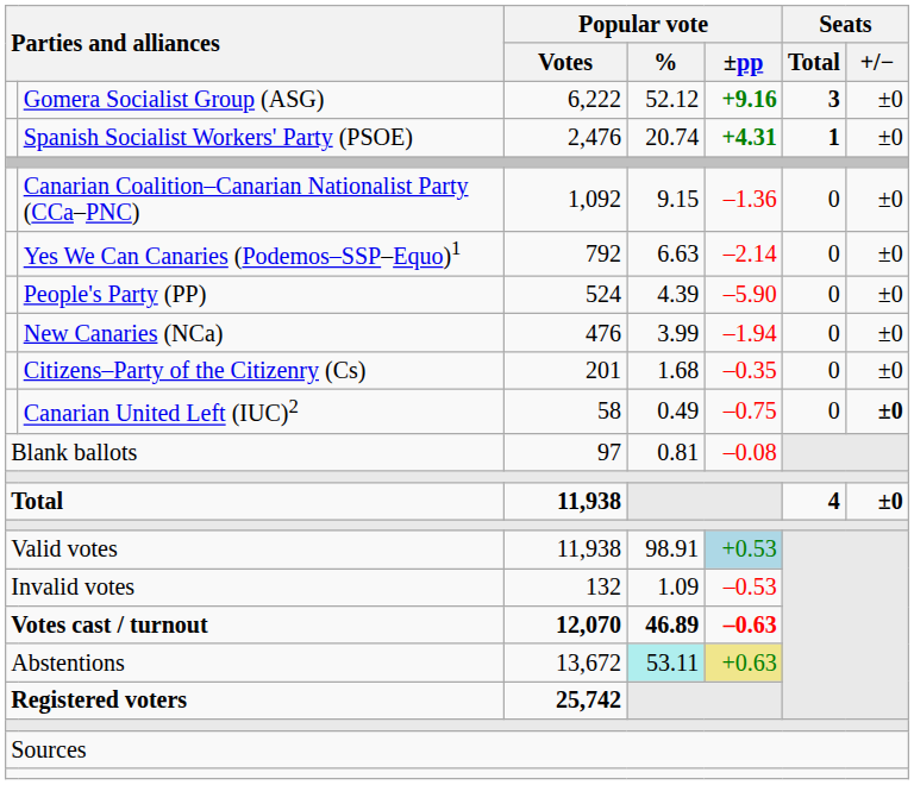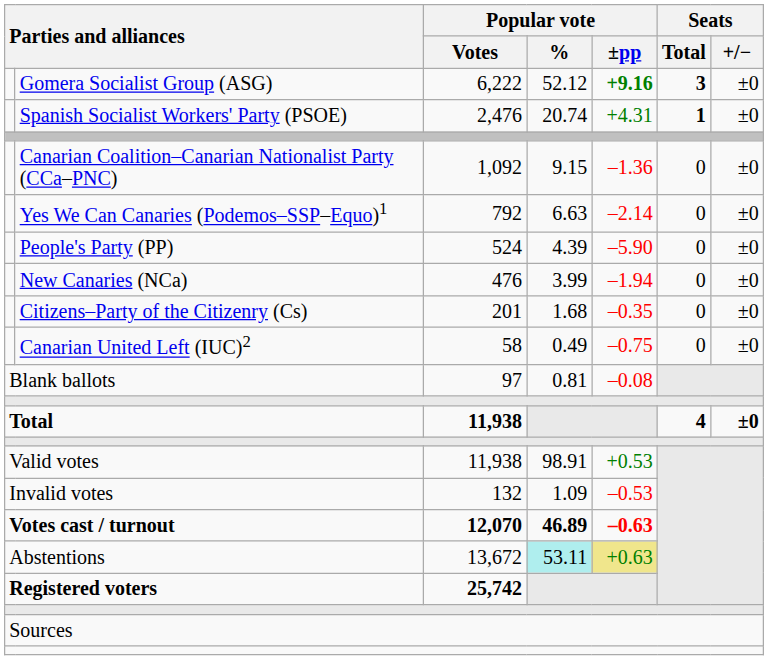 <table class="wikitable" style="text-align:right;">
 <tr>
 <th style="text-align:left;" rowspan="2" colspan="2" width="525">Parties and alliances</th>
 <th colspan="3">Popular vote</th>
 <th colspan="2">Seats</th>
 </tr>
 <tr>
 <th width="75">Votes</th>
 <th width="45">%</th>
 <th width="45">±<a href='#'>pp</a></th>
 <th width="35">Total</th>
 <th width="35">+/−</th>
 </tr>
 <tr>
 <td width="1" style="color:inherit;background:"></td>
 <td align="left"><a href='#'>Gomera Socialist Group</a> (ASG)</td>
 <td>6,222</td>
 <td>52.12</td>
 <td style="color:green;"><strong>+9.16</strong></td>
 <td><strong>3</strong></td>
 <td>±0</td>
 </tr>
 <tr>
 <td style="color:inherit;background:"></td>
 <td align="left"><a href='#'>Spanish Socialist Workers' Party</a> (PSOE)</td>
 <td>2,476</td>
 <td>20.74</td>
-<td style="color:green;"><strong>+4.31</strong></td>
+<td style="color:green;">+4.31</td>
 <td><strong>1</strong></td>
 <td>±0</td>
 </tr>
 <tr>
 <td colspan="7" bgcolor="#C0C0C0"></td>
 </tr>
 <tr>
 <td style="color:inherit;background:"></td>
 <td align="left"><a href='#'>Canarian Coalition–Canarian Nationalist Party</a> (<a href='#'>CCa</a>–<a href='#'>PNC</a>)</td>
 <td>1,092</td>
 <td>9.15</td>
 <td style="color:red;">–1.36</td>
 <td>0</td>
 <td>±0</td>
 </tr>
 <tr>
 <td style="color:inherit;background:"></td>
 <td align="left"><a href='#'>Yes We Can Canaries</a> (<a href='#'>Podemos–SSP</a>–<a href='#'>Equo</a>)<sup>1</sup></td>
 <td>792</td>
 <td>6.63</td>
 <td style="color:red;">–2.14</td>
 <td>0</td>
 <td>±0</td>
 </tr>
 <tr>
 <td style="color:inherit;background:"></td>
 <td align="left"><a href='#'>People's Party</a> (PP)</td>
 <td>524</td>
 <td>4.39</td>
 <td style="color:red;">–5.90</td>
 <td>0</td>
 <td>±0</td>
 </tr>
 <tr>
 <td style="color:inherit;background:"></td>
 <td align="left"><a href='#'>New Canaries</a> (NCa)</td>
 <td>476</td>
 <td>3.99</td>
 <td style="color:red;">–1.94</td>
 <td>0</td>
 <td>±0</td>
 </tr>
 <tr>
 <td style="color:inherit;background:"></td>
 <td align="left"><a href='#'>Citizens–Party of the Citizenry</a> (Cs)</td>
 <td>201</td>
 <td>1.68</td>
 <td style="color:red;">–0.35</td>
 <td>0</td>
 <td>±0</td>
 </tr>
 <tr>
 <td style="color:inherit;background:"></td>
 <td align="left"><a href='#'>Canarian United Left</a> (IUC)<sup>2</sup></td>
 <td>58</td>
 <td>0.49</td>
 <td style="color:red;">–0.75</td>
 <td>0</td>
-<td><strong>±0</strong></td>
+<td>±0</td>
 </tr>
 <tr>
 <td align="left" colspan="2">Blank ballots</td>
 <td>97</td>
 <td>0.81</td>
 <td style="color:red;">–0.08</td>
 <td bgcolor="#E9E9E9" colspan="2"></td>
 </tr>
 <tr>
 <td colspan="7" bgcolor="#E9E9E9"></td>
 </tr>
 <tr style="font-weight:bold;">
 <td align="left" colspan="2">Total</td>
 <td>11,938</td>
 <td bgcolor="#E9E9E9" colspan="2"></td>
 <td>4</td>
 <td>±0</td>
 </tr>
 <tr>
 <td colspan="7" bgcolor="#E9E9E9"></td>
 </tr>
 <tr>
 <td align="left" colspan="2">Valid votes</td>
 <td>11,938</td>
 <td>98.91</td>
-<td style="background: lightblue; color:green;">+0.53</td>
+<td style="color:green;">+0.53</td>
 <td bgcolor="#E9E9E9" colspan="2" rowspan="5"></td>
 </tr>
 <tr>
 <td align="left" colspan="2">Invalid votes</td>
 <td>132</td>
 <td>1.09</td>
 <td style="color:red;">–0.53</td>
 </tr>
 <tr style="font-weight:bold;">
 <td align="left" colspan="2">Votes cast / turnout</td>
 <td>12,070</td>
 <td>46.89</td>
 <td style="color:red;">–0.63</td>
 </tr>
 <tr>
 <td align="left" colspan="2">Abstentions</td>
 <td>13,672</td>
 <td style="background: paleturquoise;">53.11</td>
 <td style="background: khaki; color:green;">+0.63</td>
 </tr>
 <tr style="font-weight:bold;">
 <td align="left" colspan="2">Registered voters</td>
 <td>25,742</td>
 <td bgcolor="#E9E9E9" colspan="2"></td>
 </tr>
 <tr>
 <td colspan="7" bgcolor="#E9E9E9"></td>
 </tr>
 <tr>
 <td align="left" colspan="7">Sources</td>
 </tr>
 <tr>
 <td colspan="9" style="text-align:left;font-size:95%;max-width:790px;"></td>
 </tr>
 </table>
